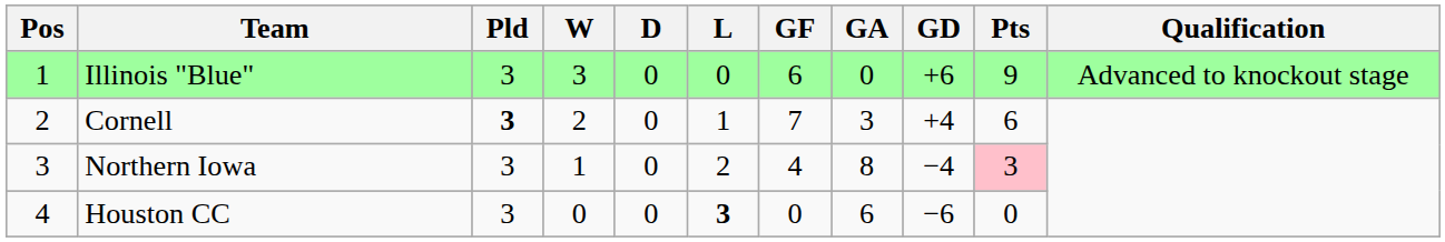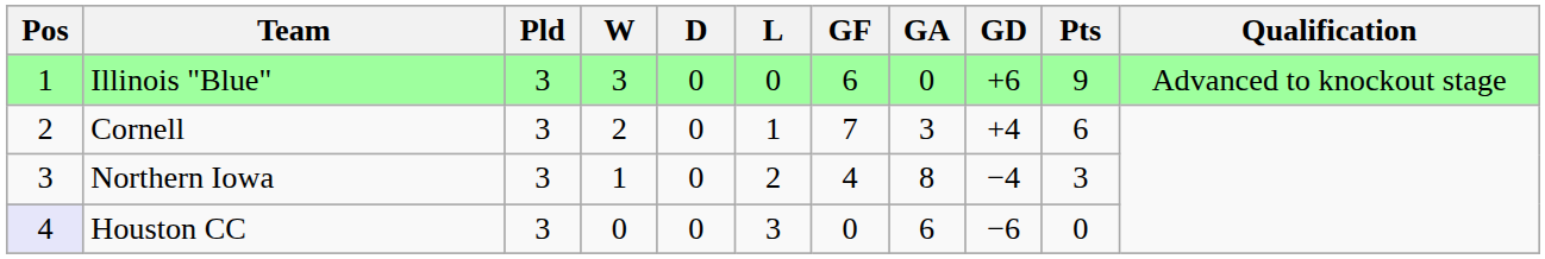 <table class="wikitable" style="text-align:center; margin: 1em auto">
 <tr>
 <th style=width:2em>Pos</th>
 <th style=width:13em>Team</th>
 <th style=width:2em>Pld</th>
 <th style=width:2em>W</th>
 <th style=width:2em>D</th>
 <th style=width:2em>L</th>
 <th style=width:2em>GF</th>
 <th style=width:2em>GA</th>
 <th style=width:2em>GD</th>
 <th style=width:2em>Pts</th>
 <th style=width:13em>Qualification</th>
 </tr>
 <tr bgcolor="#9eff9e">
 <td>1</td>
 <td style="text-align:left">Illinois "Blue"</td>
 <td>3</td>
 <td>3</td>
 <td>0</td>
 <td>0</td>
 <td>6</td>
 <td>0</td>
 <td>+6</td>
 <td>9</td>
 <td>Advanced to knockout stage</td>
 </tr>
 <tr>
 <td>2</td>
 <td style="text-align:left">Cornell</td>
-<td><strong>3</strong></td>
+<td>3</td>
 <td>2</td>
 <td>0</td>
 <td>1</td>
 <td>7</td>
 <td>3</td>
 <td>+4</td>
 <td>6</td>
 </tr>
 <tr>
 <td>3</td>
 <td style="text-align:left">Northern Iowa</td>
 <td>3</td>
 <td>1</td>
 <td>0</td>
 <td>2</td>
 <td>4</td>
 <td>8</td>
 <td>−4</td>
-<td style="background: pink;">3</td>
+<td>3</td>
 </tr>
 <tr>
-<td>4</td>
+<td style="background: lavender;">4</td>
 <td style="text-align:left">Houston CC</td>
 <td>3</td>
 <td>0</td>
 <td>0</td>
-<td><strong>3</strong></td>
+<td>3</td>
 <td>0</td>
 <td>6</td>
 <td>−6</td>
 <td>0</td>
 </tr>
 </table>
